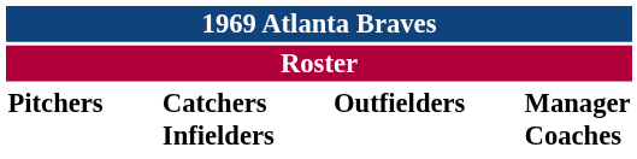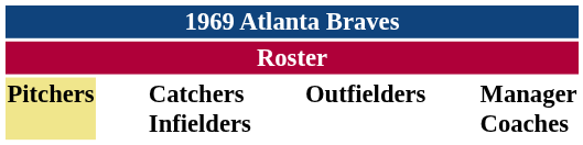 <table class="toccolours" style="font-size: 95%;">
 <tr>
 <th colspan="10" style="background-color: #0f437c; color: white; text-align: center;">1969 Atlanta Braves</th>
 </tr>
 <tr>
 <td colspan="10" style="background-color: #af0039; color: white; text-align: center;"><strong>Roster</strong></td>
 </tr>
 <tr>
-<td valign="top"><strong>Pitchers</strong><br>                 </td>
+<td valign="top" style="background: khaki;"><strong>Pitchers</strong><br>                 </td>
 <td width="25px"></td>
 <td valign="top"><strong>Catchers</strong><br>   <strong>Infielders</strong>        </td>
 <td width="25px"></td>
 <td valign="top"><strong>Outfielders</strong><br>         </td>
 <td width="25px"></td>
 <td valign="top"><strong>Manager</strong><br> <strong>Coaches</strong>     </td>
 </tr>
 </table>
